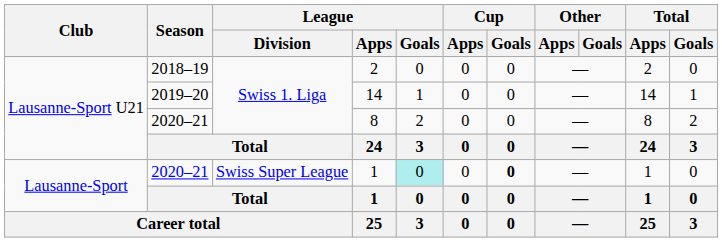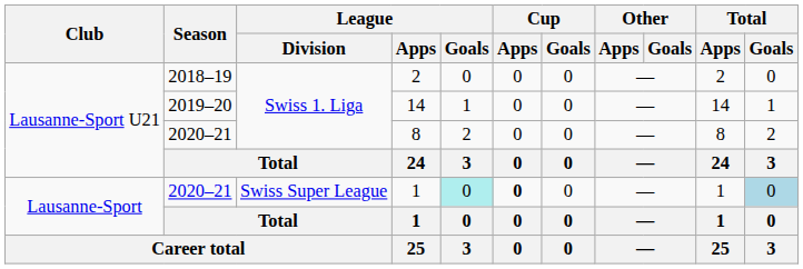 <table class="wikitable" style="text-align: center">
 <tr>
 <th rowspan="2">Club</th>
 <th rowspan="2">Season</th>
 <th colspan="3">League</th>
 <th colspan="2">Cup</th>
 <th colspan="2">Other</th>
 <th colspan="2">Total</th>
 </tr>
 <tr>
 <th>Division</th>
 <th>Apps</th>
 <th>Goals</th>
 <th>Apps</th>
 <th>Goals</th>
 <th>Apps</th>
 <th>Goals</th>
 <th>Apps</th>
 <th>Goals</th>
 </tr>
 <tr>
 <td rowspan="4"><a href='#'>Lausanne-Sport</a> U21</td>
 <td>2018–19</td>
 <td rowspan="3"><a href='#'>Swiss 1. Liga</a></td>
 <td>2</td>
 <td>0</td>
 <td>0</td>
 <td>0</td>
 <td colspan="2">—</td>
 <td>2</td>
 <td>0</td>
 </tr>
 <tr>
 <td>2019–20</td>
 <td>14</td>
 <td>1</td>
 <td>0</td>
 <td>0</td>
 <td colspan="2">—</td>
 <td>14</td>
 <td>1</td>
 </tr>
 <tr>
 <td>2020–21</td>
 <td>8</td>
 <td>2</td>
 <td>0</td>
 <td>0</td>
 <td colspan="2">—</td>
 <td>8</td>
 <td>2</td>
 </tr>
 <tr>
 <th colspan="2">Total</th>
 <th>24</th>
 <th>3</th>
 <th>0</th>
 <th>0</th>
 <th colspan="2">—</th>
 <th>24</th>
 <th>3</th>
 </tr>
 <tr>
 <td rowspan="2"><a href='#'>Lausanne-Sport</a></td>
 <td><a href='#'>2020–21</a></td>
 <td><a href='#'>Swiss Super League</a></td>
 <td>1</td>
 <td style="background: paleturquoise;">0</td>
+<td><strong>0</strong></td>
 <td>0</td>
-<td><strong>0</strong></td>
 <td colspan="2">—</td>
 <td>1</td>
-<td>0</td>
+<td style="background: lightblue;">0</td>
 </tr>
 <tr>
 <th colspan="2">Total</th>
 <th>1</th>
 <th>0</th>
 <th>0</th>
 <th>0</th>
 <th colspan="2">—</th>
 <th>1</th>
 <th>0</th>
 </tr>
 <tr>
 <th colspan="3">Career total</th>
 <th>25</th>
 <th>3</th>
 <th>0</th>
 <th>0</th>
 <th colspan="2">—</th>
 <th>25</th>
 <th>3</th>
 </tr>
 </table>
